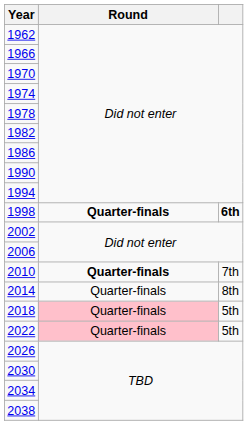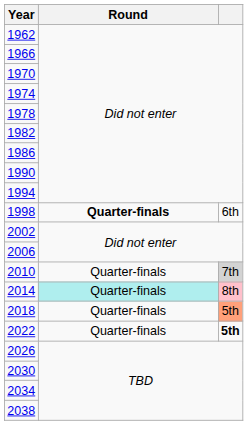 <table class="wikitable" style="text-align: center; font-size:90%">
 <tr>
 <th>Year</th>
 <th style="width:200px">Round</th>
 <th></th>
 </tr>
 <tr>
 <td><a href='#'>1962</a></td>
 <td colspan="2" rowspan="9"><em>Did not enter</em></td>
 </tr>
 <tr>
 <td><a href='#'>1966</a></td>
 </tr>
 <tr>
 <td><a href='#'>1970</a></td>
 </tr>
 <tr>
 <td><a href='#'>1974</a></td>
 </tr>
 <tr>
 <td><a href='#'>1978</a></td>
 </tr>
 <tr>
 <td><a href='#'>1982</a></td>
 </tr>
 <tr>
 <td><a href='#'>1986</a></td>
 </tr>
 <tr>
 <td><a href='#'>1990</a></td>
 </tr>
 <tr>
 <td><a href='#'>1994</a></td>
 </tr>
 <tr>
 <td><a href='#'>1998</a></td>
 <td><strong>Quarter-finals</strong></td>
-<td><strong>6th</strong></td>
+<td>6th</td>
 </tr>
 <tr>
 <td><a href='#'>2002</a></td>
 <td colspan="2" rowspan="2"><em>Did not enter</em></td>
 </tr>
 <tr>
 <td><a href='#'>2006</a></td>
 </tr>
 <tr>
 <td><a href='#'>2010</a></td>
-<td><strong>Quarter-finals</strong></td>
-<td>7th</td>
+<td>Quarter-finals</td>
+<td style="background: lightgrey;">7th</td>
 </tr>
 <tr>
 <td><a href='#'>2014</a></td>
-<td>Quarter-finals</td>
-<td>8th</td>
+<td style="background: paleturquoise;">Quarter-finals</td>
+<td style="background: pink;">8th</td>
 </tr>
 <tr>
 <td><a href='#'>2018</a></td>
-<td style="background: pink;">Quarter-finals</td>
-<td>5th</td>
+<td>Quarter-finals</td>
+<td style="background: lightsalmon;">5th</td>
 </tr>
 <tr>
 <td><a href='#'>2022</a></td>
-<td style="background: pink;">Quarter-finals</td>
-<td>5th</td>
+<td>Quarter-finals</td>
+<td><strong>5th</strong></td>
 </tr>
 <tr>
 <td><a href='#'>2026</a></td>
 <td colspan="2" rowspan="4"><em>TBD</em></td>
 </tr>
 <tr>
 <td><a href='#'>2030</a></td>
 </tr>
 <tr>
 <td><a href='#'>2034</a></td>
 </tr>
 <tr>
 <td><a href='#'>2038</a></td>
 </tr>
 </table>
